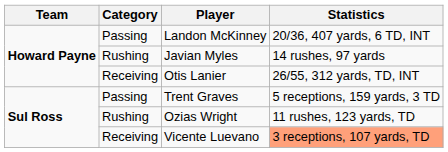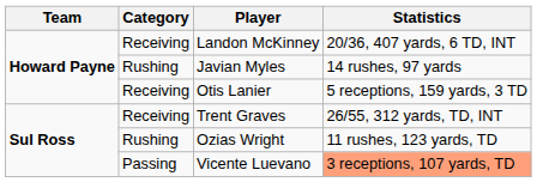 <table class="wikitable" style="float: right;">
 <tr>
 <th>Team</th>
 <th>Category</th>
 <th>Player</th>
 <th>Statistics</th>
 </tr>
 <tr>
 <td rowspan=3><strong>Howard Payne</strong></td>
-<td>Passing</td>
+<td>Receiving</td>
 <td>Landon McKinney</td>
 <td>20/36, 407 yards, 6 TD, INT</td>
 </tr>
 <tr>
 <td>Rushing</td>
 <td>Javian Myles</td>
 <td>14 rushes, 97 yards</td>
 </tr>
 <tr>
 <td>Receiving</td>
 <td>Otis Lanier</td>
-<td>26/55, 312 yards, TD, INT</td>
+<td>5 receptions, 159 yards, 3 TD</td>
 </tr>
 <tr>
 <td rowspan=3><strong>Sul Ross</strong></td>
-<td>Passing</td>
+<td>Receiving</td>
 <td>Trent Graves</td>
-<td>5 receptions, 159 yards, 3 TD</td>
+<td>26/55, 312 yards, TD, INT</td>
 </tr>
 <tr>
 <td>Rushing</td>
 <td>Ozias Wright</td>
 <td>11 rushes, 123 yards, TD</td>
 </tr>
 <tr>
-<td>Receiving</td>
+<td>Passing</td>
 <td>Vicente Luevano</td>
 <td style="background: lightsalmon;">3 receptions, 107 yards, TD</td>
 </tr>
 </table>
